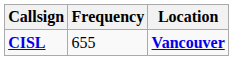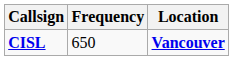 <table class="wikitable sortable">
 <tr>
 <th>Callsign</th>
 <th>Frequency</th>
 <th>Location</th>
 </tr>
 <tr>
 <td><strong><a href='#'>CISL</a></strong></td>
-<td>655</td>
+<td>650</td>
 <td><strong><a href='#'>Vancouver</a></strong></td>
 </tr>
 </table>
